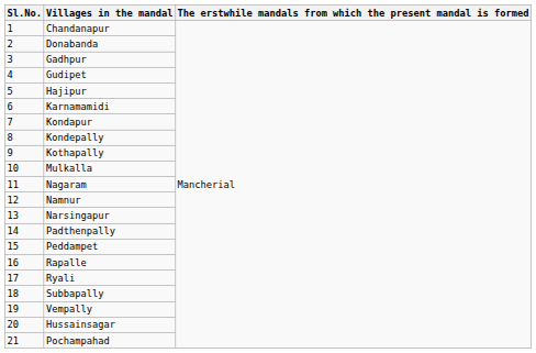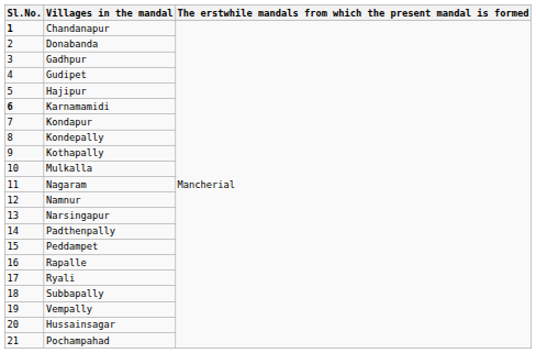 <table class="wikitable">
 <tr>
 <th>Sl.No.</th>
 <th>Villages in the mandal</th>
 <th>The erstwhile mandals from which the present mandal is formed</th>
 </tr>
 <tr>
-<td>1</td>
+<td><strong>1</strong></td>
 <td>Chandanapur</td>
 <td rowspan="21">Mancherial</td>
 </tr>
 <tr>
 <td>2</td>
 <td>Donabanda</td>
 </tr>
 <tr>
 <td>3</td>
 <td>Gadhpur</td>
 </tr>
 <tr>
 <td>4</td>
 <td>Gudipet</td>
 </tr>
 <tr>
 <td>5</td>
 <td>Hajipur</td>
 </tr>
 <tr>
-<td>6</td>
+<td><strong>6</strong></td>
 <td>Karnamamidi</td>
 </tr>
 <tr>
 <td>7</td>
 <td>Kondapur</td>
 </tr>
 <tr>
 <td>8</td>
 <td>Kondepally</td>
 </tr>
 <tr>
 <td>9</td>
 <td>Kothapally</td>
 </tr>
 <tr>
 <td>10</td>
 <td>Mulkalla</td>
 </tr>
 <tr>
 <td>11</td>
 <td>Nagaram</td>
 </tr>
 <tr>
 <td>12</td>
 <td>Namnur</td>
 </tr>
 <tr>
 <td>13</td>
 <td>Narsingapur</td>
 </tr>
 <tr>
 <td>14</td>
 <td>Padthenpally</td>
 </tr>
 <tr>
 <td>15</td>
 <td>Peddampet</td>
 </tr>
 <tr>
 <td>16</td>
 <td>Rapalle</td>
 </tr>
 <tr>
 <td>17</td>
 <td>Ryali</td>
 </tr>
 <tr>
 <td>18</td>
 <td>Subbapally</td>
 </tr>
 <tr>
 <td>19</td>
 <td>Vempally</td>
 </tr>
 <tr>
 <td>20</td>
 <td>Hussainsagar</td>
 </tr>
 <tr>
 <td>21</td>
 <td>Pochampahad</td>
 </tr>
 </table>
